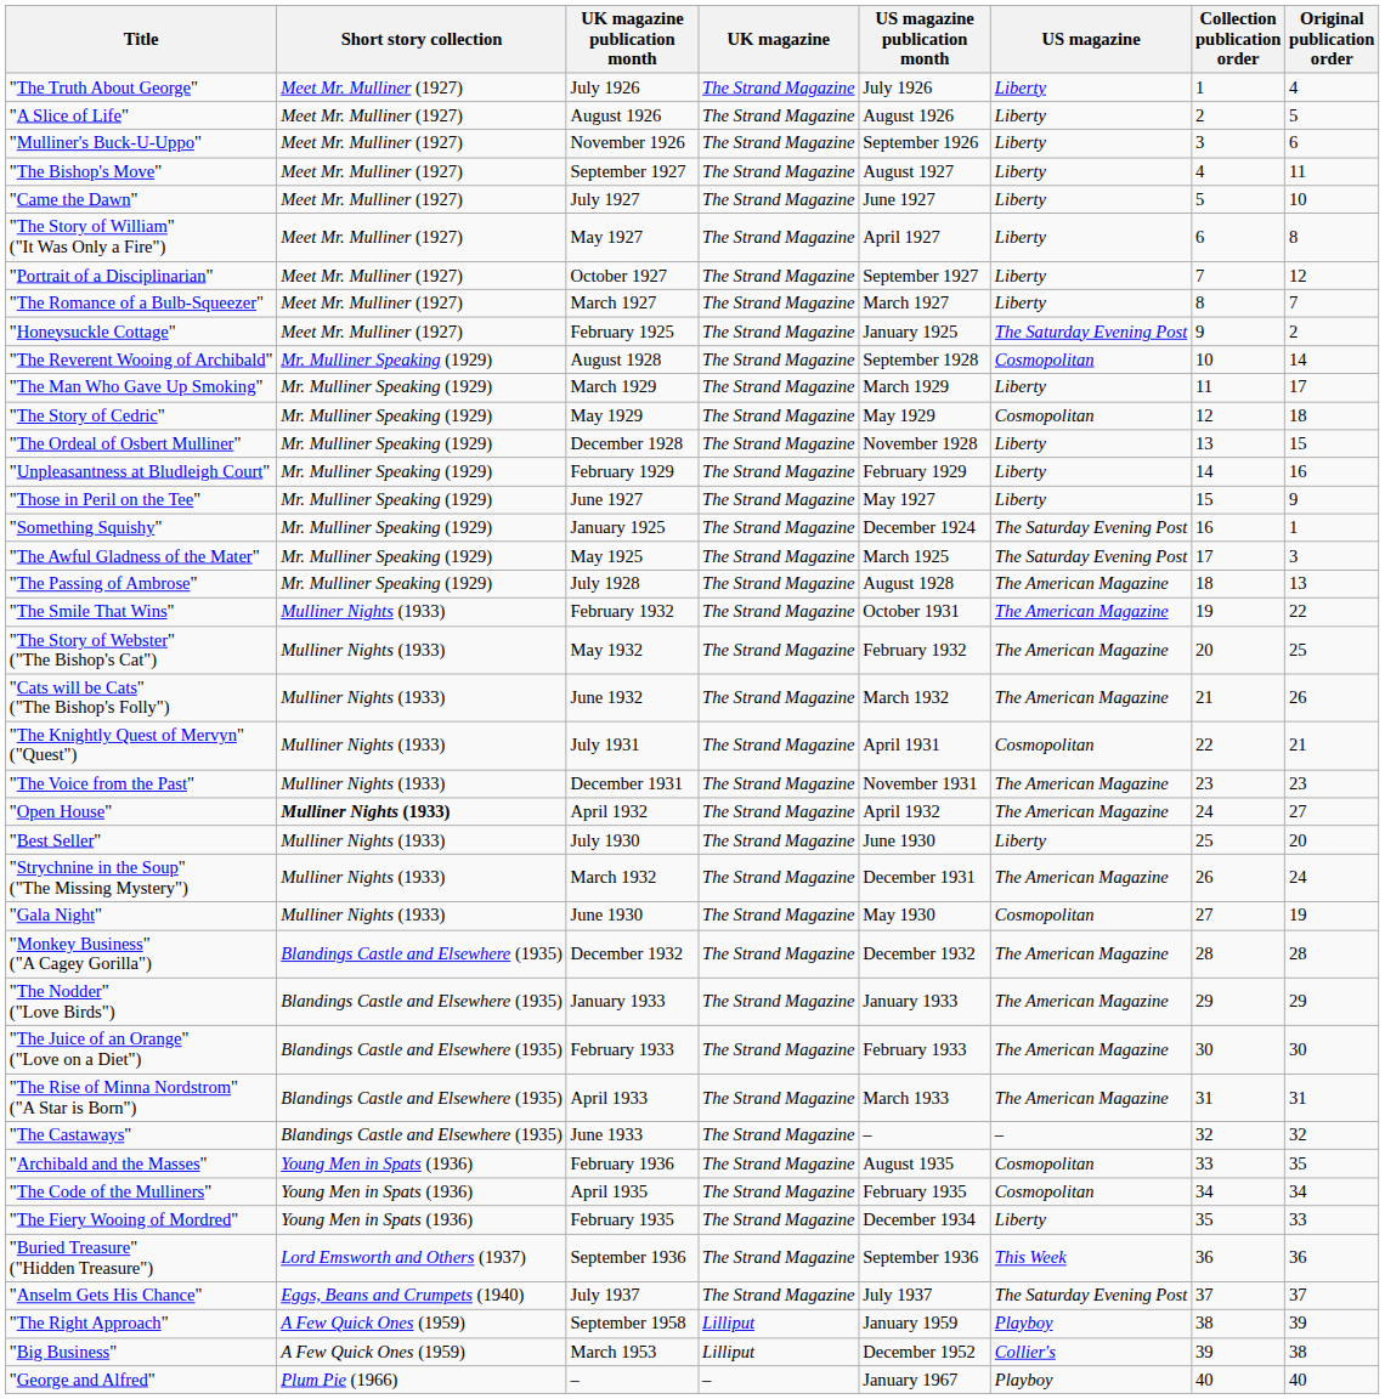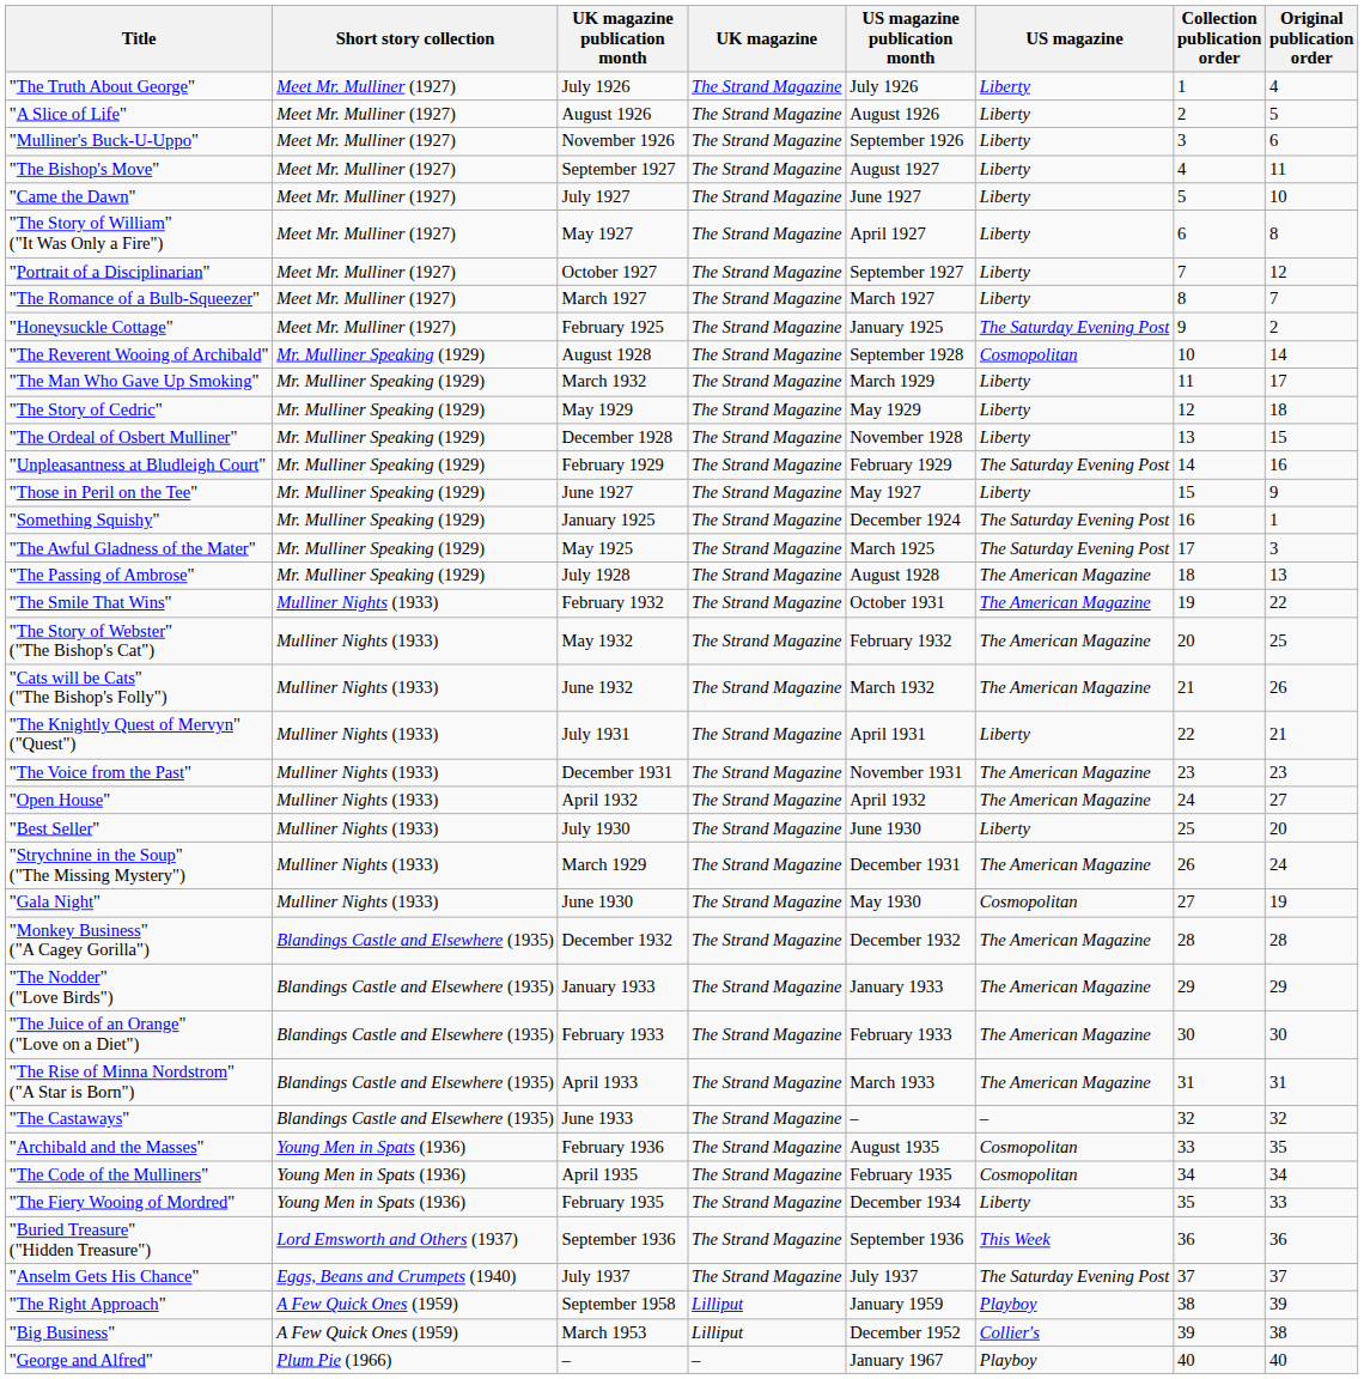 <table class="wikitable sortable">
 <tr>
 <th>Title</th>
 <th>Short story collection</th>
 <th style="width: 7em;">UK magazine publication month</th>
 <th>UK magazine</th>
 <th style="width: 7em;">US magazine publication month</th>
 <th>US magazine</th>
 <th style="width: 1em;">Collection publication order</th>
 <th style="width: 1em;">Original publication order</th>
 </tr>
 <tr>
 <td>"<a href='#'>The Truth About George</a>"</td>
 <td data-sort-value="1927"><em><a href='#'>Meet Mr. Mulliner</a></em> (1927)</td>
 <td data-sort-value="1926-07">July 1926</td>
 <td data-sort-value="Strand"><em><a href='#'>The Strand Magazine</a></em></td>
 <td data-sort-value="1926-07">July 1926</td>
 <td><em><a href='#'>Liberty</a></em></td>
 <td>1</td>
 <td>4</td>
 </tr>
 <tr>
 <td>"<a href='#'>A Slice of Life</a>"</td>
 <td data-sort-value="1927"><em>Meet Mr. Mulliner</em> (1927)</td>
 <td data-sort-value="1926-08">August 1926</td>
 <td data-sort-value="Strand"><em>The Strand Magazine</em></td>
 <td data-sort-value="1926-08">August 1926</td>
 <td><em>Liberty</em></td>
 <td>2</td>
 <td>5</td>
 </tr>
 <tr>
 <td>"<a href='#'>Mulliner's Buck-U-Uppo</a>"</td>
 <td data-sort-value="1927"><em>Meet Mr. Mulliner</em> (1927)</td>
 <td data-sort-value="1926-11">November 1926</td>
 <td data-sort-value="Strand"><em>The Strand Magazine</em></td>
 <td data-sort-value="1926-09">September 1926</td>
 <td><em>Liberty</em></td>
 <td>3</td>
 <td>6</td>
 </tr>
 <tr>
 <td>"<a href='#'>The Bishop's Move</a>"</td>
 <td data-sort-value="1927"><em>Meet Mr. Mulliner</em> (1927)</td>
 <td data-sort-value="1927-09">September 1927</td>
 <td data-sort-value="Strand"><em>The Strand Magazine</em></td>
 <td data-sort-value="1927-08">August 1927</td>
 <td><em>Liberty</em></td>
 <td>4</td>
 <td>11</td>
 </tr>
 <tr>
 <td>"<a href='#'>Came the Dawn</a>"</td>
 <td data-sort-value="1927"><em>Meet Mr. Mulliner</em> (1927)</td>
 <td data-sort-value="1927-07">July 1927</td>
 <td data-sort-value="Strand"><em>The Strand Magazine</em></td>
 <td data-sort-value="1927-06">June 1927</td>
 <td><em>Liberty</em></td>
 <td>5</td>
 <td>10</td>
 </tr>
 <tr>
 <td>"<a href='#'>The Story of William</a>"<br>("It Was Only a Fire")</td>
 <td data-sort-value="1927"><em>Meet Mr. Mulliner</em> (1927)</td>
 <td data-sort-value="1927-05">May 1927</td>
 <td data-sort-value="Strand"><em>The Strand Magazine</em></td>
 <td data-sort-value="1927-04">April 1927</td>
 <td><em>Liberty</em></td>
 <td>6</td>
 <td>8</td>
 </tr>
 <tr>
 <td>"<a href='#'>Portrait of a Disciplinarian</a>"</td>
 <td data-sort-value="1927"><em>Meet Mr. Mulliner</em> (1927)</td>
 <td data-sort-value="1927-10">October 1927</td>
 <td data-sort-value="Strand"><em>The Strand Magazine</em></td>
 <td data-sort-value="1927-09">September 1927</td>
 <td><em>Liberty</em></td>
 <td>7</td>
 <td>12</td>
 </tr>
 <tr>
 <td>"<a href='#'>The Romance of a Bulb-Squeezer</a>"</td>
 <td data-sort-value="1927"><em>Meet Mr. Mulliner</em> (1927)</td>
 <td data-sort-value="1927-03">March 1927</td>
 <td data-sort-value="Strand"><em>The Strand Magazine</em></td>
 <td data-sort-value="1927-03">March 1927</td>
 <td><em>Liberty</em></td>
 <td>8</td>
 <td>7</td>
 </tr>
 <tr>
 <td>"<a href='#'>Honeysuckle Cottage</a>"</td>
 <td data-sort-value="1927"><em>Meet Mr. Mulliner</em> (1927)</td>
 <td data-sort-value="1925-02">February 1925</td>
 <td data-sort-value="Strand"><em>The Strand Magazine</em></td>
 <td data-sort-value="1925-01">January 1925</td>
 <td data-sort-value="Saturday"><em><a href='#'>The Saturday Evening Post</a></em></td>
 <td>9</td>
 <td>2</td>
 </tr>
 <tr>
 <td>"<a href='#'>The Reverent Wooing of Archibald</a>"</td>
 <td data-sort-value="1929"><em><a href='#'>Mr. Mulliner Speaking</a></em> (1929)</td>
 <td data-sort-value="1928-08">August 1928</td>
 <td data-sort-value="Strand"><em>The Strand Magazine</em></td>
 <td data-sort-value="1928-09">September 1928</td>
 <td><em><a href='#'>Cosmopolitan</a></em></td>
 <td>10</td>
 <td>14</td>
 </tr>
 <tr>
 <td>"<a href='#'>The Man Who Gave Up Smoking</a>"</td>
 <td data-sort-value="1929"><em>Mr. Mulliner Speaking</em> (1929)</td>
-<td data-sort-value="1929-03">March 1929</td>
+<td data-sort-value="1932-03">March 1932</td>
 <td data-sort-value="Strand"><em>The Strand Magazine</em></td>
 <td data-sort-value="1929-03">March 1929</td>
 <td><em>Liberty</em></td>
 <td>11</td>
 <td>17</td>
 </tr>
 <tr>
 <td>"<a href='#'>The Story of Cedric</a>"</td>
 <td data-sort-value="1929"><em>Mr. Mulliner Speaking</em> (1929)</td>
 <td data-sort-value="1929-05">May 1929</td>
 <td data-sort-value="Strand"><em>The Strand Magazine</em></td>
 <td data-sort-value="1929-05">May 1929</td>
-<td><em>Cosmopolitan</em></td>
+<td><em>Liberty</em></td>
 <td>12</td>
 <td>18</td>
 </tr>
 <tr>
 <td>"<a href='#'>The Ordeal of Osbert Mulliner</a>"</td>
 <td data-sort-value="1929"><em>Mr. Mulliner Speaking</em> (1929)</td>
 <td data-sort-value="1928-12">December 1928</td>
 <td data-sort-value="Strand"><em>The Strand Magazine</em></td>
 <td data-sort-value="1928-11">November 1928</td>
 <td><em>Liberty</em></td>
 <td>13</td>
 <td>15</td>
 </tr>
 <tr>
 <td>"<a href='#'>Unpleasantness at Bludleigh Court</a>"</td>
 <td data-sort-value="1929"><em>Mr. Mulliner Speaking</em> (1929)</td>
 <td data-sort-value="1929-02">February 1929</td>
 <td data-sort-value="Strand"><em>The Strand Magazine</em></td>
 <td data-sort-value="1929-02">February 1929</td>
-<td><em>Liberty</em></td>
+<td data-sort-value="Saturday"><em>The Saturday Evening Post</em></td>
 <td>14</td>
 <td>16</td>
 </tr>
 <tr>
 <td>"<a href='#'>Those in Peril on the Tee</a>"</td>
 <td data-sort-value="1929"><em>Mr. Mulliner Speaking</em> (1929)</td>
 <td data-sort-value="1927-06">June 1927</td>
 <td data-sort-value="Strand"><em>The Strand Magazine</em></td>
 <td data-sort-value="1927-05">May 1927</td>
 <td><em>Liberty</em></td>
 <td>15</td>
 <td>9</td>
 </tr>
 <tr>
 <td>"<a href='#'>Something Squishy</a>"</td>
 <td data-sort-value="1929"><em>Mr. Mulliner Speaking</em> (1929)</td>
 <td data-sort-value="1925-01">January 1925</td>
 <td data-sort-value="Strand"><em>The Strand Magazine</em></td>
 <td data-sort-value="1924-12">December 1924</td>
 <td data-sort-value="Saturday"><em>The Saturday Evening Post</em></td>
 <td>16</td>
 <td>1</td>
 </tr>
 <tr>
 <td>"<a href='#'>The Awful Gladness of the Mater</a>"</td>
 <td data-sort-value="1929"><em>Mr. Mulliner Speaking</em> (1929)</td>
 <td data-sort-value="1925-05">May 1925</td>
 <td data-sort-value="Strand"><em>The Strand Magazine</em></td>
 <td data-sort-value="1925-03">March 1925</td>
 <td data-sort-value="Saturday"><em>The Saturday Evening Post</em></td>
 <td>17</td>
 <td>3</td>
 </tr>
 <tr>
 <td>"<a href='#'>The Passing of Ambrose</a>"</td>
 <td data-sort-value="1929"><em>Mr. Mulliner Speaking</em> (1929)</td>
 <td data-sort-value="1928-07">July 1928</td>
 <td data-sort-value="Strand"><em>The Strand Magazine</em></td>
 <td data-sort-value="1928-08">August 1928</td>
 <td data-sort-value="American"><em>The American Magazine</em></td>
 <td>18</td>
 <td>13</td>
 </tr>
 <tr>
 <td>"<a href='#'>The Smile That Wins</a>"</td>
 <td data-sort-value="1933"><em><a href='#'>Mulliner Nights</a></em> (1933)</td>
 <td data-sort-value="1932-02">February 1932</td>
 <td data-sort-value="Strand"><em>The Strand Magazine</em></td>
 <td data-sort-value="1931-10">October 1931</td>
 <td data-sort-value="American"><em><a href='#'>The American Magazine</a></em></td>
 <td>19</td>
 <td>22</td>
 </tr>
 <tr>
 <td>"<a href='#'>The Story of Webster</a>"<br>("The Bishop's Cat")</td>
 <td data-sort-value="1933"><em>Mulliner Nights</em> (1933)</td>
 <td data-sort-value="1932-05">May 1932</td>
 <td data-sort-value="Strand"><em>The Strand Magazine</em></td>
 <td data-sort-value="1932-02">February 1932</td>
 <td data-sort-value="American"><em>The American Magazine</em></td>
 <td>20</td>
 <td>25</td>
 </tr>
 <tr>
 <td>"<a href='#'>Cats will be Cats</a>"<br>("The Bishop's Folly")</td>
 <td data-sort-value="1933"><em>Mulliner Nights</em> (1933)</td>
 <td data-sort-value="1932-06">June 1932</td>
 <td data-sort-value="Strand"><em>The Strand Magazine</em></td>
 <td data-sort-value="1932-03">March 1932</td>
 <td data-sort-value="American"><em>The American Magazine</em></td>
 <td>21</td>
 <td>26</td>
 </tr>
 <tr>
 <td>"<a href='#'>The Knightly Quest of Mervyn</a>"<br>("Quest")</td>
 <td data-sort-value="1933"><em>Mulliner Nights</em> (1933)</td>
 <td data-sort-value="1931-07">July 1931</td>
 <td data-sort-value="Strand"><em>The Strand Magazine</em></td>
 <td data-sort-value="1931-04">April 1931</td>
-<td><em>Cosmopolitan</em></td>
+<td><em>Liberty</em></td>
 <td>22</td>
 <td>21</td>
 </tr>
 <tr>
 <td>"<a href='#'>The Voice from the Past</a>"</td>
 <td data-sort-value="1933"><em>Mulliner Nights</em> (1933)</td>
 <td data-sort-value="1931-12">December 1931</td>
 <td data-sort-value="Strand"><em>The Strand Magazine</em></td>
 <td data-sort-value="1931-11">November 1931</td>
 <td data-sort-value="American"><em>The American Magazine</em></td>
 <td>23</td>
 <td>23</td>
 </tr>
 <tr>
 <td>"<a href='#'>Open House</a>"</td>
-<td data-sort-value="1933"><strong><em>Mulliner Nights</em> (1933)</strong></td>
+<td data-sort-value="1933"><em>Mulliner Nights</em> (1933)</td>
 <td data-sort-value="1932-04">April 1932</td>
 <td data-sort-value="Strand"><em>The Strand Magazine</em></td>
 <td data-sort-value="1932-04">April 1932</td>
 <td data-sort-value="American"><em>The American Magazine</em></td>
 <td>24</td>
 <td>27</td>
 </tr>
 <tr>
 <td>"<a href='#'>Best Seller</a>"</td>
 <td data-sort-value="1933"><em>Mulliner Nights</em> (1933)</td>
 <td data-sort-value="1930-07">July 1930</td>
 <td data-sort-value="Strand"><em>The Strand Magazine</em></td>
 <td data-sort-value="1930-06">June 1930</td>
 <td><em>Liberty</em></td>
 <td>25</td>
 <td>20</td>
 </tr>
 <tr>
 <td>"<a href='#'>Strychnine in the Soup</a>"<br>("The Missing Mystery")</td>
 <td data-sort-value="1933"><em>Mulliner Nights</em> (1933)</td>
-<td data-sort-value="1932-03">March 1932</td>
+<td data-sort-value="1929-03">March 1929</td>
 <td data-sort-value="Strand"><em>The Strand Magazine</em></td>
 <td data-sort-value="1931-12">December 1931</td>
 <td data-sort-value="American"><em>The American Magazine</em></td>
 <td>26</td>
 <td>24</td>
 </tr>
 <tr>
 <td>"<a href='#'>Gala Night</a>"</td>
 <td data-sort-value="1933"><em>Mulliner Nights</em> (1933)</td>
 <td data-sort-value="1930-06">June 1930</td>
 <td data-sort-value="Strand"><em>The Strand Magazine</em></td>
 <td data-sort-value="1930-05">May 1930</td>
 <td><em>Cosmopolitan</em></td>
 <td>27</td>
 <td>19</td>
 </tr>
 <tr>
 <td>"<a href='#'>Monkey Business</a>"<br>("A Cagey Gorilla")</td>
 <td data-sort-value="1935"><em><a href='#'>Blandings Castle and Elsewhere</a></em> (1935)</td>
 <td data-sort-value="1932-12">December 1932</td>
 <td data-sort-value="Strand"><em>The Strand Magazine</em></td>
 <td data-sort-value="1932-12">December 1932</td>
 <td data-sort-value="American"><em>The American Magazine</em></td>
 <td>28</td>
 <td>28</td>
 </tr>
 <tr>
 <td>"<a href='#'>The Nodder</a>"<br>("Love Birds")</td>
 <td data-sort-value="1935"><em>Blandings Castle and Elsewhere</em> (1935)</td>
 <td data-sort-value="1933-01">January 1933</td>
 <td data-sort-value="Strand"><em>The Strand Magazine</em></td>
 <td data-sort-value="1933-01">January 1933</td>
 <td data-sort-value="American"><em>The American Magazine</em></td>
 <td>29</td>
 <td>29</td>
 </tr>
 <tr>
 <td>"<a href='#'>The Juice of an Orange</a>"<br>("Love on a Diet")</td>
 <td data-sort-value="1935"><em>Blandings Castle and Elsewhere</em> (1935)</td>
 <td data-sort-value="1933-02">February 1933</td>
 <td data-sort-value="Strand"><em>The Strand Magazine</em></td>
 <td data-sort-value="1933-02">February 1933</td>
 <td data-sort-value="American"><em>The American Magazine</em></td>
 <td>30</td>
 <td>30</td>
 </tr>
 <tr>
 <td>"<a href='#'>The Rise of Minna Nordstrom</a>"<br>("A Star is Born")</td>
 <td data-sort-value="1935"><em>Blandings Castle and Elsewhere</em> (1935)</td>
 <td data-sort-value="1933-04">April 1933</td>
 <td data-sort-value="Strand"><em>The Strand Magazine</em></td>
 <td data-sort-value="1933-03">March 1933</td>
 <td data-sort-value="American"><em>The American Magazine</em></td>
 <td>31</td>
 <td>31</td>
 </tr>
 <tr>
 <td>"<a href='#'>The Castaways</a>"</td>
 <td data-sort-value="1935"><em>Blandings Castle and Elsewhere</em> (1935)</td>
 <td data-sort-value="1933-06">June 1933</td>
 <td data-sort-value="Strand"><em>The Strand Magazine</em></td>
 <td data-sort-value="9999">–</td>
 <td data-sort-value="zz">–</td>
 <td>32</td>
 <td>32</td>
 </tr>
 <tr>
 <td>"<a href='#'>Archibald and the Masses</a>"</td>
 <td data-sort-value="1936"><em><a href='#'>Young Men in Spats</a></em> (1936)</td>
 <td data-sort-value="1936-02">February 1936</td>
 <td data-sort-value="Strand"><em>The Strand Magazine</em></td>
 <td data-sort-value="1935-08">August 1935</td>
 <td><em>Cosmopolitan</em></td>
 <td>33</td>
 <td>35</td>
 </tr>
 <tr>
 <td>"<a href='#'>The Code of the Mulliners</a>"</td>
 <td data-sort-value="1936"><em>Young Men in Spats</em> (1936)</td>
 <td data-sort-value="1935-04">April 1935</td>
 <td data-sort-value="Strand"><em>The Strand Magazine</em></td>
 <td data-sort-value="1935-02">February 1935</td>
 <td><em>Cosmopolitan</em></td>
 <td>34</td>
 <td>34</td>
 </tr>
 <tr>
 <td>"<a href='#'>The Fiery Wooing of Mordred</a>"</td>
 <td data-sort-value="1936"><em>Young Men in Spats</em> (1936)</td>
 <td data-sort-value="1935-02">February 1935</td>
 <td data-sort-value="Strand"><em>The Strand Magazine</em></td>
 <td data-sort-value="1934-12">December 1934</td>
 <td><em>Liberty</em></td>
 <td>35</td>
 <td>33</td>
 </tr>
 <tr>
 <td>"<a href='#'>Buried Treasure</a>"<br>("Hidden Treasure")</td>
 <td data-sort-value="1937"><em><a href='#'>Lord Emsworth and Others</a></em> (1937)</td>
 <td data-sort-value="1936-09">September 1936</td>
 <td data-sort-value="Strand"><em>The Strand Magazine</em></td>
 <td data-sort-value="1936-09">September 1936</td>
 <td><em><a href='#'>This Week</a></em></td>
 <td>36</td>
 <td>36</td>
 </tr>
 <tr>
 <td>"<a href='#'>Anselm Gets His Chance</a>"</td>
 <td data-sort-value="1940"><em><a href='#'>Eggs, Beans and Crumpets</a></em> (1940)</td>
 <td data-sort-value="1937-07">July 1937</td>
 <td data-sort-value="Strand"><em>The Strand Magazine</em></td>
 <td data-sort-value="1937-07">July 1937</td>
 <td data-sort-value="Saturday"><em>The Saturday Evening Post</em></td>
 <td>37</td>
 <td>37</td>
 </tr>
 <tr>
 <td>"<a href='#'>The Right Approach</a>"</td>
 <td data-sort-value="1959"><em><a href='#'>A Few Quick Ones</a></em> (1959)</td>
 <td data-sort-value="1958-09">September 1958</td>
 <td><em><a href='#'>Lilliput</a></em></td>
 <td data-sort-value="1959-01">January 1959</td>
 <td><em><a href='#'>Playboy</a></em></td>
 <td>38</td>
 <td>39</td>
 </tr>
 <tr>
 <td>"<a href='#'>Big Business</a>"</td>
 <td data-sort-value="1959"><em>A Few Quick Ones</em> (1959)</td>
 <td data-sort-value="1953-03">March 1953</td>
 <td><em>Lilliput</em></td>
 <td data-sort-value="1952-12">December 1952</td>
 <td><em><a href='#'>Collier's</a></em></td>
 <td>39</td>
 <td>38</td>
 </tr>
 <tr>
 <td>"<a href='#'>George and Alfred</a>"</td>
 <td data-sort-value="1966"><em><a href='#'>Plum Pie</a></em> (1966)</td>
 <td data-sort-value="9999">–</td>
 <td data-sort-value="zz">–</td>
 <td data-sort-value="1967-01">January 1967</td>
 <td><em>Playboy</em></td>
 <td>40</td>
 <td>40</td>
 </tr>
 </table>
